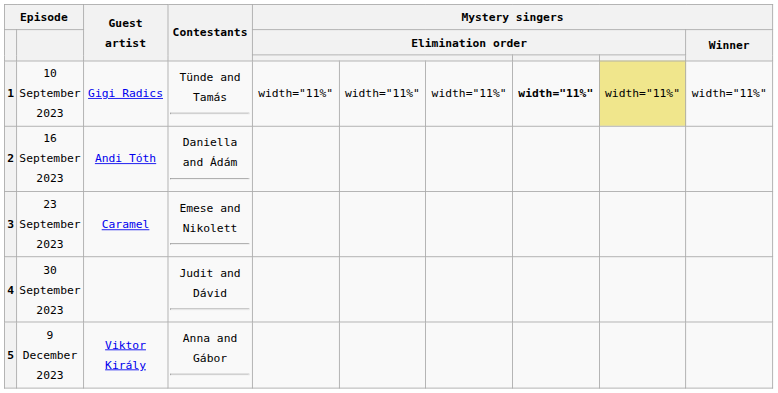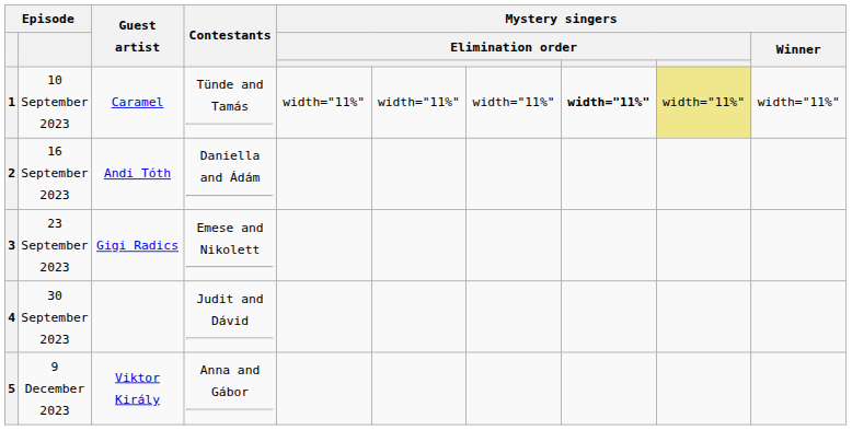 <table class="wikitable plainrowheaders mw-collapsible" style="text-align:center; line-height:23px; width:100%;">
 <tr>
 <th colspan="2" width="1%">Episode</th>
 <th rowspan="3" width="11%">Guest artist</th>
 <th rowspan="3" width="11%">Contestants</th>
 <th colspan="6">Mystery singers<br></th>
 </tr>
 <tr>
 <th rowspan="2"></th>
 <th rowspan="2"></th>
 <th colspan="5">Elimination order</th>
 <th rowspan="2">Winner</th>
 </tr>
 <tr>
 <th colspan="3"></th>
 <th></th>
 <th></th>
 </tr>
 <tr>
 <th>1</th>
 <td>10 September 2023</td>
-<td><a href='#'>Gigi Radics</a><br></td>
+<td><a href='#'>Caramel</a><br></td>
 <td>Tünde and Tamás<hr></td>
 <td>width="11%" </td>
 <td>width="11%" </td>
 <td>width="11%" </td>
 <td><strong>width="11%" </strong></td>
 <td style="background: khaki;">width="11%" </td>
 <td>width="11%" </td>
 </tr>
 <tr>
 <th>2</th>
 <td>16 September 2023</td>
 <td><a href='#'>Andi Tóth</a><br></td>
 <td>Daniella and Ádám<hr></td>
 <td></td>
 <td></td>
 <td></td>
 <td></td>
 <td></td>
 <td></td>
 </tr>
 <tr>
 <th>3</th>
 <td>23 September 2023</td>
-<td><a href='#'>Caramel</a><br></td>
+<td><a href='#'>Gigi Radics</a><br></td>
 <td>Emese and Nikolett<hr></td>
 <td></td>
 <td></td>
 <td></td>
 <td></td>
 <td></td>
 <td></td>
 </tr>
 <tr>
 <th>4</th>
 <td>30 September 2023</td>
 <td></td>
 <td>Judit and Dávid<hr></td>
 <td></td>
 <td></td>
 <td></td>
 <td></td>
 <td></td>
 <td></td>
 </tr>
 <tr>
 <th>5</th>
 <td>9 December 2023</td>
 <td><a href='#'>Viktor Király</a></td>
 <td>Anna and Gábor<hr></td>
 <td></td>
 <td></td>
 <td></td>
 <td></td>
 <td></td>
 <td></td>
 </tr>
 </table>
